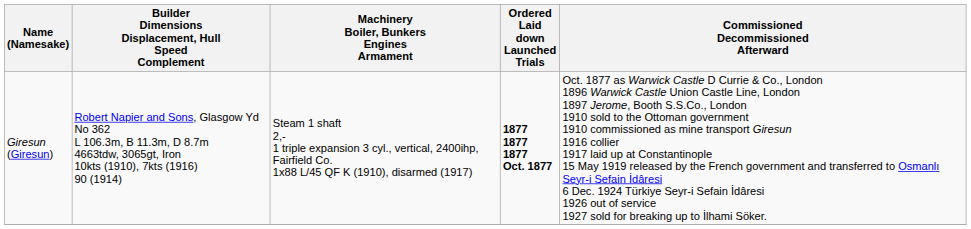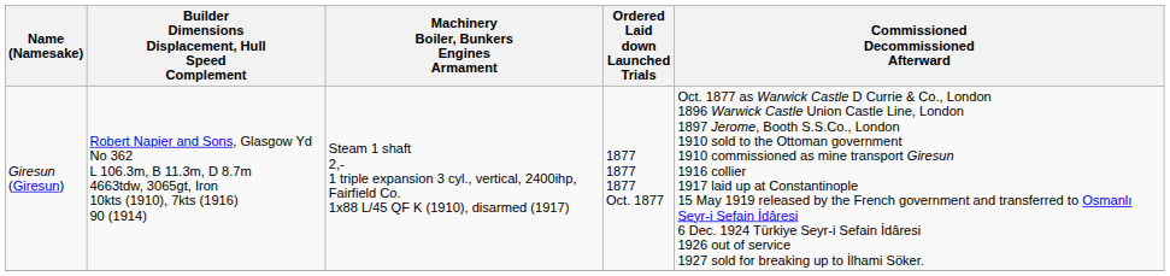 <table class="wikitable" style="font-size:90%;">
 <tr bgcolor="#e6e9ff">
 <th>Name<br>(Namesake)</th>
 <th>Builder<br>Dimensions<br>Displacement, Hull<br>Speed<br>Complement</th>
 <th>Machinery<br>Boiler, Bunkers<br>Engines<br>Armament</th>
 <th>Ordered<br>Laid down<br>Launched<br>Trials</th>
 <th>Commissioned<br>Decommissioned<br>Afterward</th>
 </tr>
 <tr ---->
 <td><em>Giresun</em><br>(<a href='#'>Giresun</a>)</td>
 <td> <a href='#'>Robert Napier and Sons</a>, Glasgow Yd No 362<br>L 106.3m, B 11.3m, D 8.7m<br>4663tdw, 3065gt, Iron<br>10kts (1910), 7kts (1916)<br>90 (1914)</td>
 <td>Steam 1 shaft<br>2,-<br>1 triple expansion 3 cyl., vertical, 2400ihp, Fairfield Co.<br>1x88 L/45 QF K (1910), disarmed (1917)</td>
-<td><strong>1877<br>1877<br>1877<br>Oct. 1877</strong></td>
+<td>1877<br>1877<br>1877<br>Oct. 1877</td>
 <td>Oct. 1877 as <em>Warwick Castle</em> D Currie &  Co., London<br>1896 <em>Warwick Castle</em> Union Castle Line, London<br>1897 <em>Jerome</em>, Booth S.S.Co., London<br>1910 sold to the Ottoman government<br>1910 commissioned as mine transport <em>Giresun</em><br>1916 collier<br>1917 laid up at Constantinople<br>15 May 1919 released by the French government and transferred to <a href='#'>Osmanlı Seyr-i Sefain İdâresi</a><br>6 Dec. 1924 Türkiye Seyr-i Sefain İdâresi<br>1926 out of service<br>1927 sold for breaking up to İlhami Söker.</td>
 </tr>
 <tr ---->
 </tr>
 </table>
